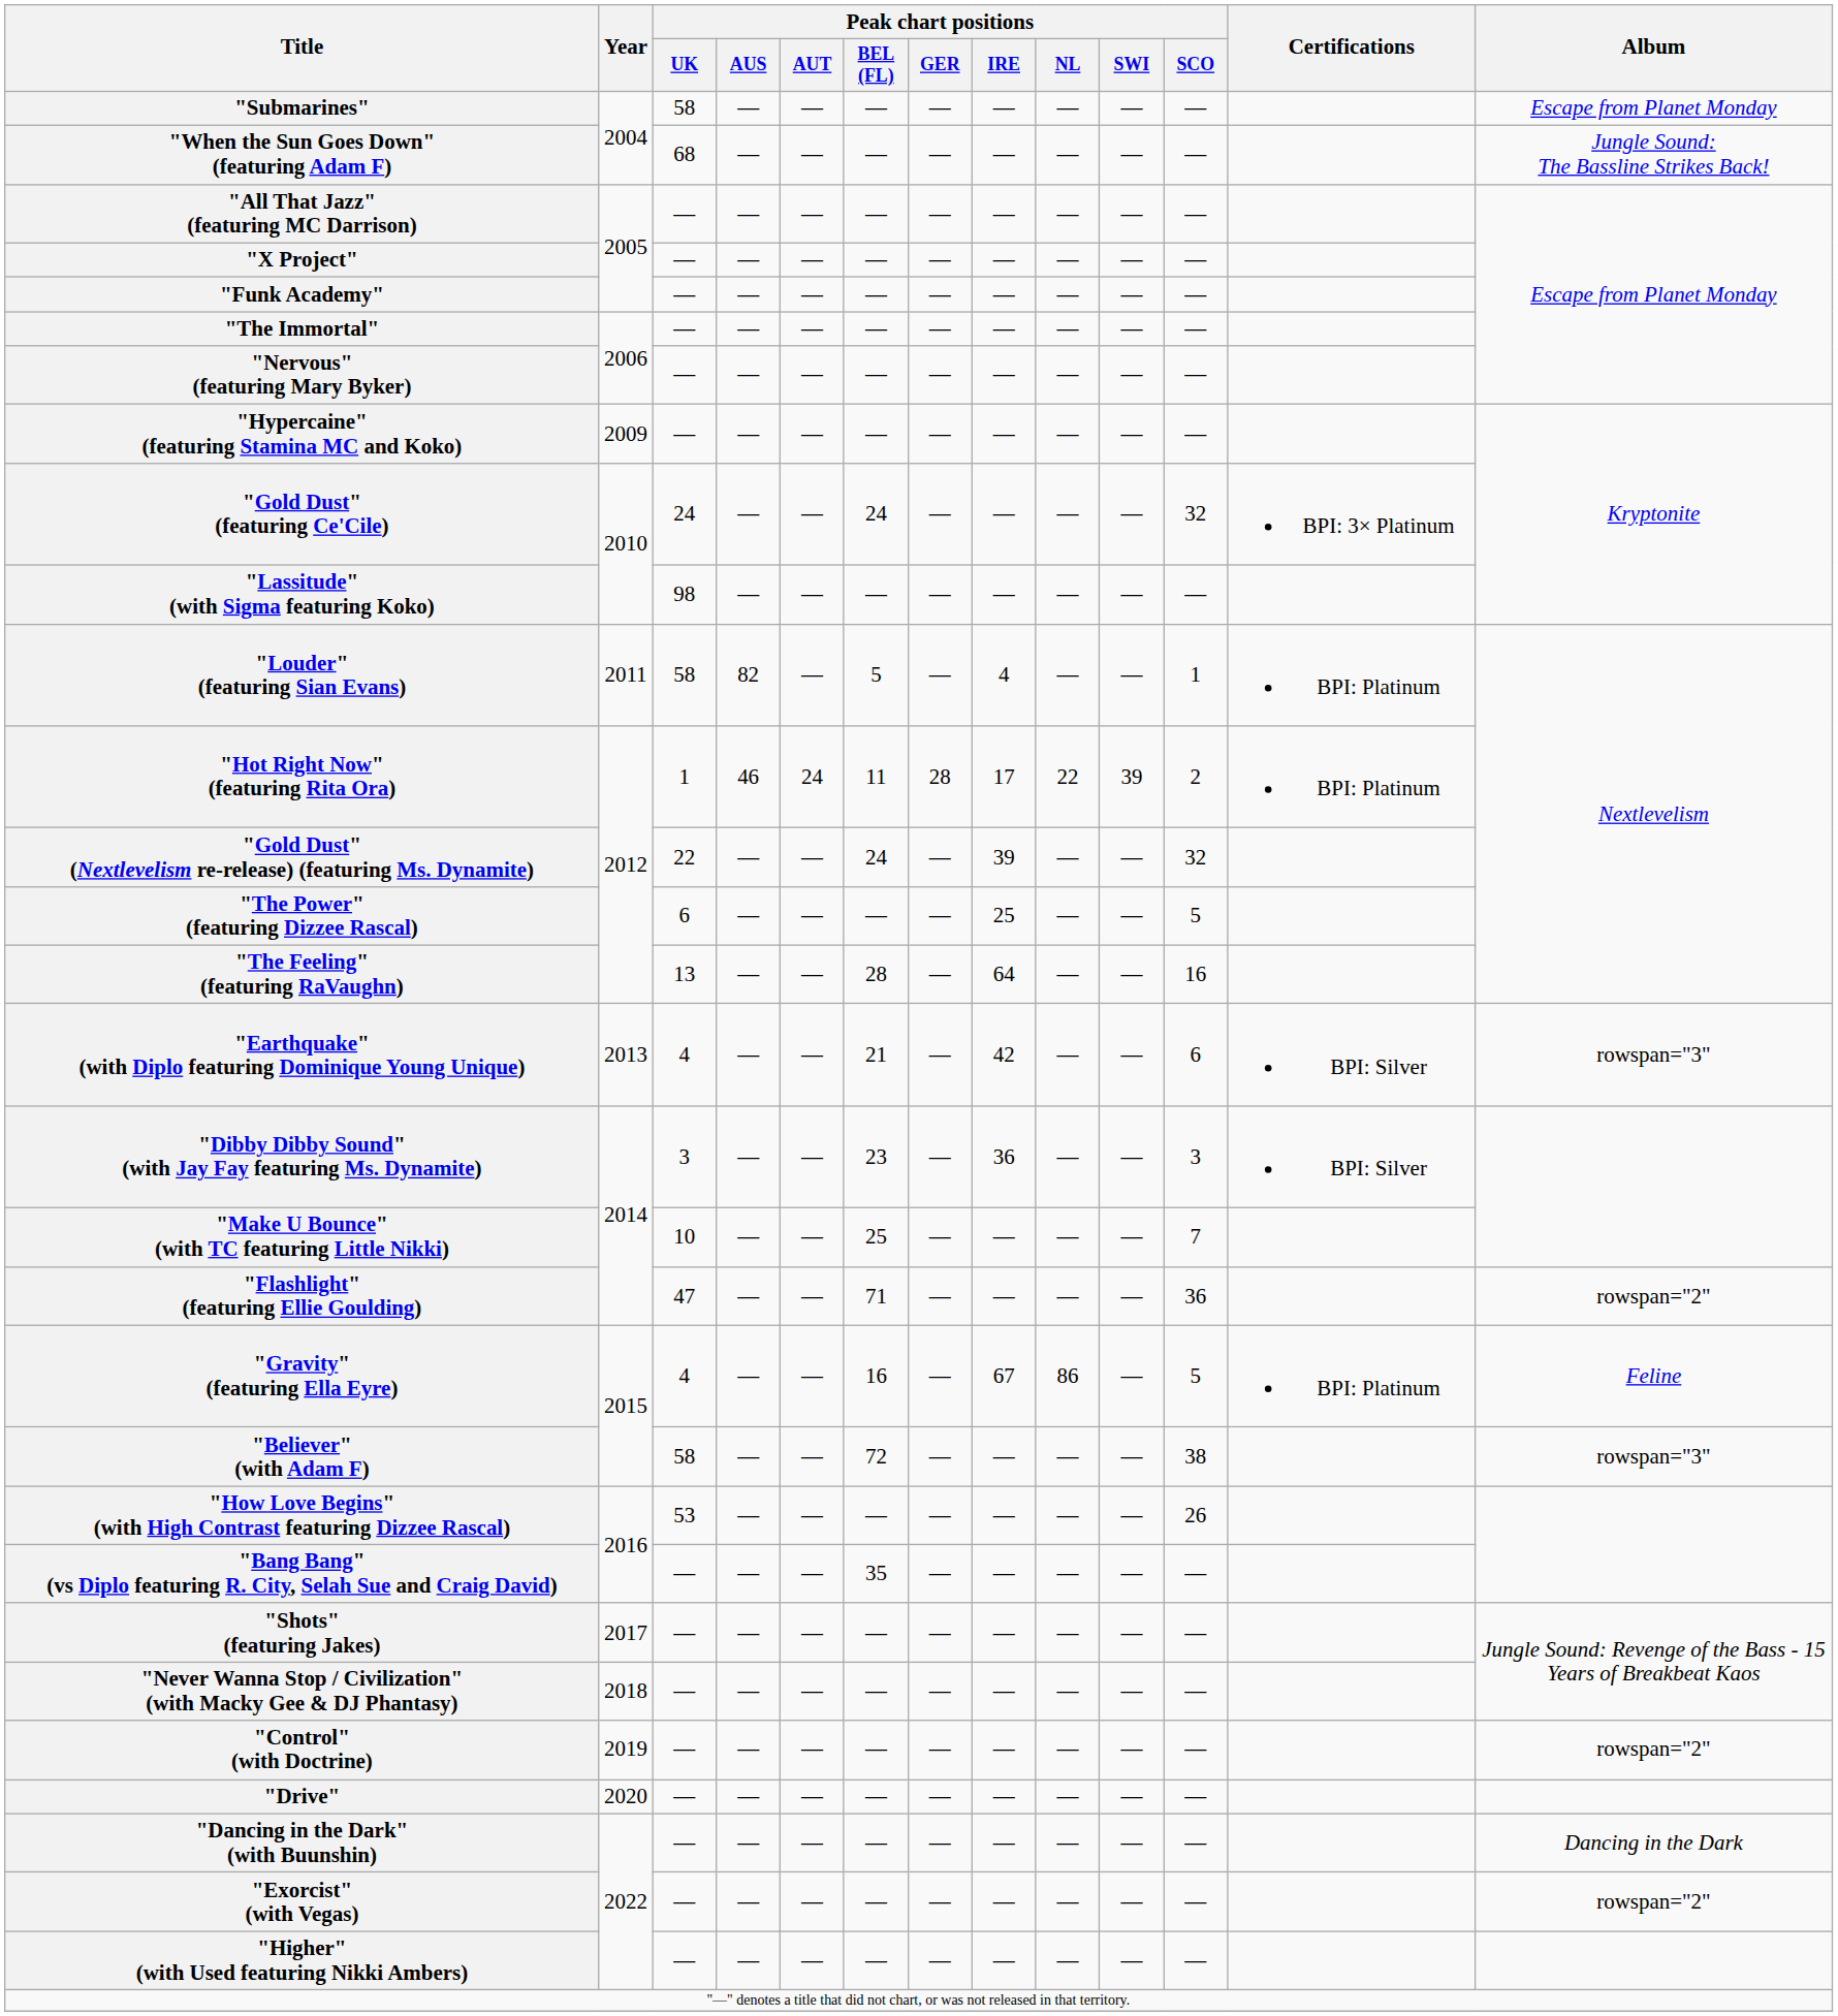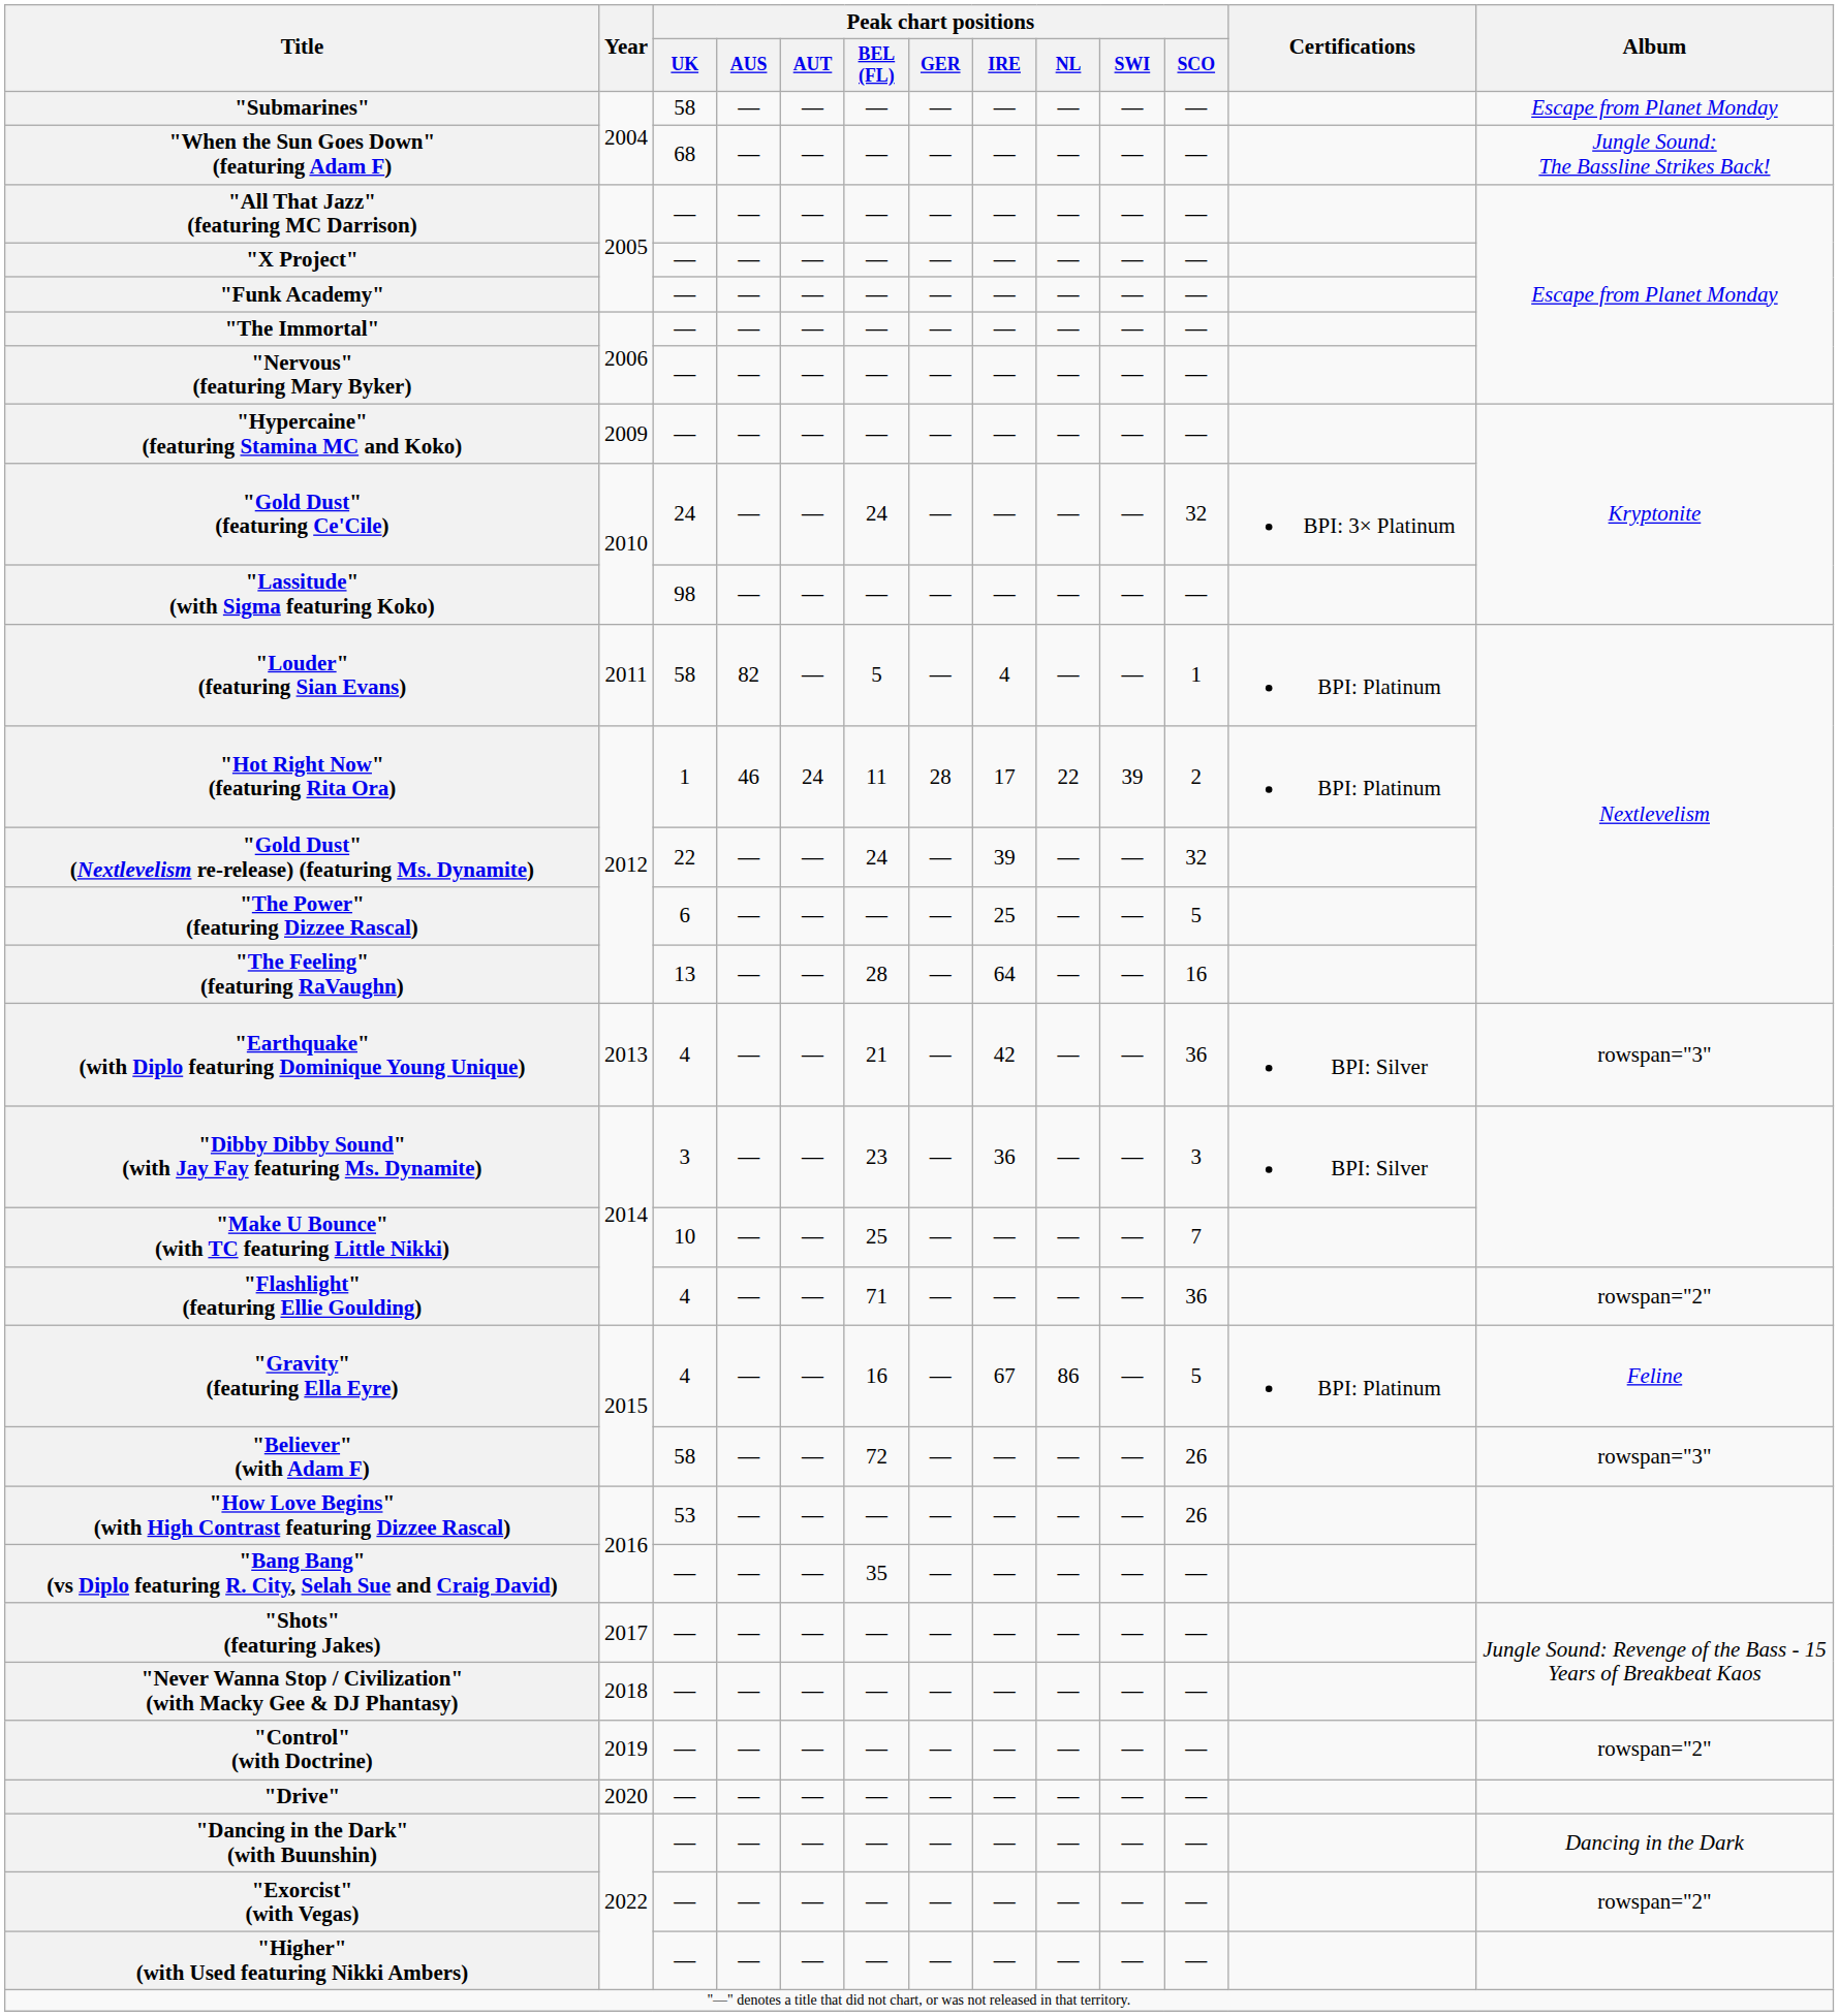 <table class="wikitable plainrowheaders" style="text-align:center;">
 <tr>
 <th scope="col" rowspan="2" style="width:27em;">Title</th>
 <th scope="col" rowspan="2" style="width:1em;">Year</th>
 <th scope="col" colspan="9">Peak chart positions</th>
 <th scope="col" rowspan="2" style="width:11em;">Certifications</th>
 <th scope="col" rowspan="2" style="width:16em;">Album</th>
 </tr>
 <tr>
 <th scope="col" style="width:3em;font-size:85%"><a href='#'>UK</a><br></th>
 <th scope="col" style="width:3em;font-size:85%"><a href='#'>AUS</a><br></th>
 <th scope="col" style="width:3em;font-size:85%"><a href='#'>AUT</a><br></th>
 <th scope="col" style="width:3em;font-size:85%"><a href='#'>BEL<br>(FL)</a><br></th>
 <th scope="col" style="width:3em;font-size:85%"><a href='#'>GER</a><br></th>
 <th scope="col" style="width:3em;font-size:85%"><a href='#'>IRE</a><br></th>
 <th scope="col" style="width:3em;font-size:85%"><a href='#'>NL</a><br></th>
 <th scope="col" style="width:3em;font-size:85%"><a href='#'>SWI</a><br></th>
 <th scope="col" style="width:3em;font-size:85%"><a href='#'>SCO</a><br></th>
 </tr>
 <tr>
 <th scope="row">"Submarines"</th>
 <td rowspan="2">2004</td>
 <td>58</td>
 <td>—</td>
 <td>—</td>
 <td>—</td>
 <td>—</td>
 <td>—</td>
 <td>—</td>
 <td>—</td>
 <td>—</td>
 <td></td>
 <td><em><a href='#'>Escape from Planet Monday</a></em></td>
 </tr>
 <tr>
 <th scope="row">"When the Sun Goes Down"<br><span>(featuring <a href='#'>Adam F</a>)</span></th>
 <td>68</td>
 <td>—</td>
 <td>—</td>
 <td>—</td>
 <td>—</td>
 <td>—</td>
 <td>—</td>
 <td>—</td>
 <td>—</td>
 <td></td>
 <td><em><a href='#'>Jungle Sound:<br>The Bassline Strikes Back!</a></em></td>
 </tr>
 <tr>
 <th scope="row">"All That Jazz"<br><span>(featuring MC Darrison)</span></th>
 <td rowspan="3">2005</td>
 <td>—</td>
 <td>—</td>
 <td>—</td>
 <td>—</td>
 <td>—</td>
 <td>—</td>
 <td>—</td>
 <td>—</td>
 <td>—</td>
 <td></td>
 <td rowspan="5"><em><a href='#'>Escape from Planet Monday</a></em></td>
 </tr>
 <tr>
 <th scope="row">"X Project"</th>
 <td>—</td>
 <td>—</td>
 <td>—</td>
 <td>—</td>
 <td>—</td>
 <td>—</td>
 <td>—</td>
 <td>—</td>
 <td>—</td>
 <td></td>
 </tr>
 <tr>
 <th scope="row">"Funk Academy"</th>
 <td>—</td>
 <td>—</td>
 <td>—</td>
 <td>—</td>
 <td>—</td>
 <td>—</td>
 <td>—</td>
 <td>—</td>
 <td>—</td>
 <td></td>
 </tr>
 <tr>
 <th scope="row">"The Immortal"</th>
 <td rowspan="2">2006</td>
 <td>—</td>
 <td>—</td>
 <td>—</td>
 <td>—</td>
 <td>—</td>
 <td>—</td>
 <td>—</td>
 <td>—</td>
 <td>—</td>
 <td></td>
 </tr>
 <tr>
 <th scope="row">"Nervous"<br><span>(featuring Mary Byker)</span></th>
 <td>—</td>
 <td>—</td>
 <td>—</td>
 <td>—</td>
 <td>—</td>
 <td>—</td>
 <td>—</td>
 <td>—</td>
 <td>—</td>
 <td></td>
 </tr>
 <tr>
 <th scope="row">"Hypercaine"<br><span>(featuring <a href='#'>Stamina MC</a> and Koko)</span></th>
 <td>2009</td>
 <td>—</td>
 <td>—</td>
 <td>—</td>
 <td>—</td>
 <td>—</td>
 <td>—</td>
 <td>—</td>
 <td>—</td>
 <td>—</td>
 <td></td>
 <td rowspan="3"><em><a href='#'>Kryptonite</a></em></td>
 </tr>
 <tr>
 <th scope="row">"<a href='#'>Gold Dust</a>"<br><span>(featuring <a href='#'>Ce'Cile</a>)</span></th>
 <td rowspan="2">2010</td>
 <td>24</td>
 <td>—</td>
 <td>—</td>
 <td>24</td>
 <td>—</td>
 <td>—</td>
 <td>—</td>
 <td>—</td>
 <td>32</td>
 <td><br><ul><li>BPI: 3× Platinum</li></ul></td>
 </tr>
 <tr>
 <th scope="row">"<a href='#'>Lassitude</a>"<br><span>(with <a href='#'>Sigma</a> featuring Koko)</span></th>
 <td>98</td>
 <td>—</td>
 <td>—</td>
 <td>—</td>
 <td>—</td>
 <td>—</td>
 <td>—</td>
 <td>—</td>
 <td>—</td>
 <td></td>
 </tr>
 <tr>
 <th scope="row">"<a href='#'>Louder</a>"<br><span>(featuring <a href='#'>Sian Evans</a>)</span></th>
 <td>2011</td>
 <td>58</td>
 <td>82</td>
 <td>—</td>
 <td>5</td>
 <td>—</td>
 <td>4</td>
 <td>—</td>
 <td>—</td>
 <td>1</td>
 <td><br><ul><li>BPI: Platinum</li></ul></td>
 <td rowspan="5"><em><a href='#'>Nextlevelism</a></em></td>
 </tr>
 <tr>
 <th scope="row">"<a href='#'>Hot Right Now</a>"<br><span>(featuring <a href='#'>Rita Ora</a>)</span></th>
 <td rowspan="4">2012</td>
 <td>1</td>
 <td>46</td>
 <td>24</td>
 <td>11</td>
 <td>28</td>
 <td>17</td>
 <td>22</td>
 <td>39</td>
 <td>2</td>
 <td><br><ul><li>BPI: Platinum</li></ul></td>
 </tr>
 <tr>
 <th scope="row">"<a href='#'>Gold Dust</a>"<br><span>(<em><a href='#'>Nextlevelism</a></em> re-release)</span> <span>(featuring <a href='#'>Ms. Dynamite</a>)</span></th>
 <td>22</td>
 <td>—</td>
 <td>—</td>
 <td>24</td>
 <td>—</td>
 <td>39</td>
 <td>—</td>
 <td>—</td>
 <td>32</td>
 <td></td>
 </tr>
 <tr>
 <th scope="row">"<a href='#'>The Power</a>"<br><span>(featuring <a href='#'>Dizzee Rascal</a>)</span></th>
 <td>6</td>
 <td>—</td>
 <td>—</td>
 <td>—</td>
 <td>—</td>
 <td>25</td>
 <td>—</td>
 <td>—</td>
 <td>5</td>
 <td></td>
 </tr>
 <tr>
 <th scope="row">"<a href='#'>The Feeling</a>"<br><span>(featuring <a href='#'>RaVaughn</a>)</span></th>
 <td>13</td>
 <td>—</td>
 <td>—</td>
 <td>28</td>
 <td>—</td>
 <td>64</td>
 <td>—</td>
 <td>—</td>
 <td>16</td>
 <td></td>
 </tr>
 <tr>
 <th scope="row">"<a href='#'>Earthquake</a>"<br><span>(with <a href='#'>Diplo</a> featuring <a href='#'>Dominique Young Unique</a>)</span></th>
 <td>2013</td>
 <td>4</td>
 <td>—</td>
 <td>—</td>
 <td>21</td>
 <td>—</td>
 <td>42</td>
 <td>—</td>
 <td>—</td>
-<td>6</td>
+<td>36</td>
 <td><br><ul><li>BPI: Silver</li></ul></td>
 <td>rowspan="3" </td>
 </tr>
 <tr>
 <th scope="row">"<a href='#'>Dibby Dibby Sound</a>"<br><span>(with <a href='#'>Jay Fay</a> featuring <a href='#'>Ms. Dynamite</a>)</span></th>
 <td rowspan="3">2014</td>
 <td>3</td>
 <td>—</td>
 <td>—</td>
 <td>23</td>
 <td>—</td>
 <td>36</td>
 <td>—</td>
 <td>—</td>
 <td>3</td>
 <td><br><ul><li>BPI: Silver</li></ul></td>
 </tr>
 <tr>
 <th scope="row">"<a href='#'>Make U Bounce</a>"<br><span>(with <a href='#'>TC</a> featuring <a href='#'>Little Nikki</a>)</span></th>
 <td>10</td>
 <td>—</td>
 <td>—</td>
 <td>25</td>
 <td>—</td>
 <td>—</td>
 <td>—</td>
 <td>—</td>
 <td>7</td>
 <td></td>
 </tr>
 <tr>
 <th scope="row">"<a href='#'>Flashlight</a>"<br><span>(featuring <a href='#'>Ellie Goulding</a>)</span></th>
-<td>47</td>
+<td>4</td>
 <td>—</td>
 <td>—</td>
 <td>71</td>
 <td>—</td>
 <td>—</td>
 <td>—</td>
 <td>—</td>
 <td>36</td>
 <td></td>
 <td>rowspan="2" </td>
 </tr>
 <tr>
 <th scope="row">"<a href='#'>Gravity</a>"<br><span>(featuring <a href='#'>Ella Eyre</a>)</span></th>
 <td rowspan="2">2015</td>
 <td>4</td>
 <td>—</td>
 <td>—</td>
 <td>16</td>
 <td>—</td>
 <td>67</td>
 <td>86</td>
 <td>—</td>
 <td>5</td>
 <td><br><ul><li>BPI: Platinum</li></ul></td>
 <td><em><a href='#'>Feline</a></em></td>
 </tr>
 <tr>
 <th scope="row">"<a href='#'>Believer</a>"<br><span>(with <a href='#'>Adam F</a>)</span></th>
 <td>58</td>
 <td>—</td>
 <td>—</td>
 <td>72</td>
 <td>—</td>
 <td>—</td>
 <td>—</td>
 <td>—</td>
-<td>38</td>
+<td>26</td>
 <td></td>
 <td>rowspan="3" </td>
 </tr>
 <tr>
 <th scope="row">"<a href='#'>How Love Begins</a>"<br><span>(with <a href='#'>High Contrast</a> featuring <a href='#'>Dizzee Rascal</a>)</span></th>
 <td rowspan="2">2016</td>
 <td>53</td>
 <td>—</td>
 <td>—</td>
 <td>—</td>
 <td>—</td>
 <td>—</td>
 <td>—</td>
 <td>—</td>
 <td>26</td>
 <td></td>
 </tr>
 <tr>
 <th scope="row">"<a href='#'>Bang Bang</a>"<br><span>(vs <a href='#'>Diplo</a> featuring <a href='#'>R. City</a>, <a href='#'>Selah Sue</a> and <a href='#'>Craig David</a>)</span></th>
 <td>—</td>
 <td>—</td>
 <td>—</td>
 <td>35</td>
 <td>—</td>
 <td>—</td>
 <td>—</td>
 <td>—</td>
 <td>—</td>
 <td></td>
 </tr>
 <tr>
 <th scope="row">"Shots"<br><span>(featuring Jakes)</span></th>
 <td>2017</td>
 <td>—</td>
 <td>—</td>
 <td>—</td>
 <td>—</td>
 <td>—</td>
 <td>—</td>
 <td>—</td>
 <td>—</td>
 <td>—</td>
 <td></td>
 <td rowspan="2"><em>Jungle Sound: Revenge of the Bass - 15 Years of Breakbeat Kaos</em></td>
 </tr>
 <tr>
 <th scope="row">"Never Wanna Stop / Civilization"<br><span>(with Macky Gee & DJ Phantasy)</span></th>
 <td>2018</td>
 <td>—</td>
 <td>—</td>
 <td>—</td>
 <td>—</td>
 <td>—</td>
 <td>—</td>
 <td>—</td>
 <td>—</td>
 <td>—</td>
 <td></td>
 </tr>
 <tr>
 <th scope="row">"Control"<br><span>(with Doctrine)</span></th>
 <td>2019</td>
 <td>—</td>
 <td>—</td>
 <td>—</td>
 <td>—</td>
 <td>—</td>
 <td>—</td>
 <td>—</td>
 <td>—</td>
 <td>—</td>
 <td></td>
 <td>rowspan="2" </td>
 </tr>
 <tr>
 <th scope="row">"Drive"</th>
 <td>2020</td>
 <td>—</td>
 <td>—</td>
 <td>—</td>
 <td>—</td>
 <td>—</td>
 <td>—</td>
 <td>—</td>
 <td>—</td>
 <td>—</td>
 <td></td>
 </tr>
 <tr>
 <th scope="row">"Dancing in the Dark"<br><span>(with Buunshin)</span></th>
 <td rowspan="3">2022</td>
 <td>—</td>
 <td>—</td>
 <td>—</td>
 <td>—</td>
 <td>—</td>
 <td>—</td>
 <td>—</td>
 <td>—</td>
 <td>—</td>
 <td></td>
 <td><em>Dancing in the Dark</em></td>
 </tr>
 <tr>
 <th scope="row">"Exorcist"<br><span>(with Vegas)</span></th>
 <td>—</td>
 <td>—</td>
 <td>—</td>
 <td>—</td>
 <td>—</td>
 <td>—</td>
 <td>—</td>
 <td>—</td>
 <td>—</td>
 <td></td>
 <td>rowspan="2" </td>
 </tr>
 <tr>
 <th scope="row">"Higher"<br><span>(with Used featuring Nikki Ambers)</span></th>
 <td>—</td>
 <td>—</td>
 <td>—</td>
 <td>—</td>
 <td>—</td>
 <td>—</td>
 <td>—</td>
 <td>—</td>
 <td>—</td>
 <td></td>
 </tr>
 <tr>
 <td colspan="14" style="font-size:8pt">"—" denotes a title that did not chart, or was not released in that territory.</td>
 </tr>
 <tr>
 </tr>
 </table>
